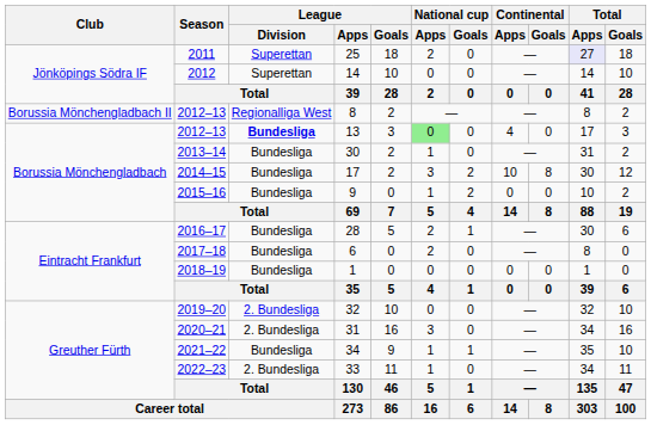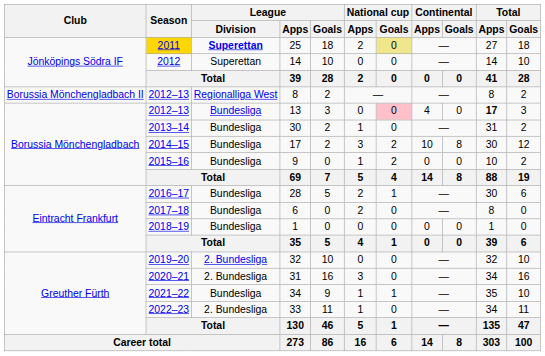 <table class="wikitable" style="text-align: center">
 <tr>
 <th rowspan="2">Club</th>
 <th rowspan="2">Season</th>
 <th colspan="3">League</th>
 <th colspan="2">National cup</th>
 <th colspan="2">Continental</th>
 <th colspan="2">Total</th>
 </tr>
 <tr>
 <th>Division</th>
 <th>Apps</th>
 <th>Goals</th>
 <th>Apps</th>
 <th>Goals</th>
 <th>Apps</th>
 <th>Goals</th>
 <th>Apps</th>
 <th>Goals</th>
 </tr>
 <tr>
 <td rowspan="3"><a href='#'>Jönköpings Södra IF</a></td>
-<td><a href='#'>2011</a></td>
-<td><a href='#'>Superettan</a></td>
+<td style="background: gold;"><a href='#'>2011</a></td>
+<td><strong><a href='#'>Superettan</a></strong></td>
 <td>25</td>
 <td>18</td>
 <td>2</td>
-<td>0</td>
+<td style="background: khaki;">0</td>
 <td colspan="2">—</td>
-<td style="background: lavender;">27</td>
+<td>27</td>
 <td>18</td>
 </tr>
 <tr>
 <td><a href='#'>2012</a></td>
 <td>Superettan</td>
 <td>14</td>
 <td>10</td>
 <td>0</td>
 <td>0</td>
 <td colspan="2">—</td>
 <td>14</td>
 <td>10</td>
 </tr>
 <tr>
 <th colspan="2">Total</th>
 <th>39</th>
 <th>28</th>
 <th>2</th>
 <th>0</th>
 <th>0</th>
 <th>0</th>
 <th>41</th>
 <th>28</th>
 </tr>
 <tr>
 <td><a href='#'>Borussia Mönchengladbach II</a></td>
 <td><a href='#'>2012–13</a></td>
 <td><a href='#'>Regionalliga West</a></td>
 <td>8</td>
 <td>2</td>
 <td colspan="2">—</td>
 <td colspan="2">—</td>
 <td>8</td>
 <td>2</td>
 </tr>
 <tr>
 <td rowspan="5"><a href='#'>Borussia Mönchengladbach</a></td>
 <td><a href='#'>2012–13</a></td>
-<td><strong><a href='#'>Bundesliga</a></strong></td>
+<td><a href='#'>Bundesliga</a></td>
 <td>13</td>
 <td>3</td>
-<td style="background: lightgreen;">0</td>
 <td>0</td>
+<td style="background: pink;">0</td>
 <td>4</td>
 <td>0</td>
-<td>17</td>
+<td><strong>17</strong></td>
 <td>3</td>
 </tr>
 <tr>
 <td><a href='#'>2013–14</a></td>
 <td>Bundesliga</td>
 <td>30</td>
 <td>2</td>
 <td>1</td>
 <td>0</td>
 <td colspan="2">—</td>
 <td>31</td>
 <td>2</td>
 </tr>
 <tr>
 <td><a href='#'>2014–15</a></td>
 <td>Bundesliga</td>
 <td>17</td>
 <td>2</td>
 <td>3</td>
 <td>2</td>
 <td>10</td>
 <td>8</td>
 <td>30</td>
 <td>12</td>
 </tr>
 <tr>
 <td><a href='#'>2015–16</a></td>
 <td>Bundesliga</td>
 <td>9</td>
 <td>0</td>
 <td>1</td>
 <td>2</td>
 <td>0</td>
 <td>0</td>
 <td>10</td>
 <td>2</td>
 </tr>
 <tr>
 <th colspan="2">Total</th>
 <th>69</th>
 <th>7</th>
 <th>5</th>
 <th>4</th>
 <th>14</th>
 <th>8</th>
 <th>88</th>
 <th>19</th>
 </tr>
 <tr>
 <td rowspan="4"><a href='#'>Eintracht Frankfurt</a></td>
 <td><a href='#'>2016–17</a></td>
 <td>Bundesliga</td>
 <td>28</td>
 <td>5</td>
 <td>2</td>
 <td>1</td>
 <td colspan="2">—</td>
 <td>30</td>
 <td>6</td>
 </tr>
 <tr>
 <td><a href='#'>2017–18</a></td>
 <td>Bundesliga</td>
 <td>6</td>
 <td>0</td>
 <td>2</td>
 <td>0</td>
 <td colspan="2">—</td>
 <td>8</td>
 <td>0</td>
 </tr>
 <tr>
 <td><a href='#'>2018–19</a></td>
 <td>Bundesliga</td>
 <td>1</td>
 <td>0</td>
 <td>0</td>
 <td>0</td>
 <td>0</td>
 <td>0</td>
 <td>1</td>
 <td>0</td>
 </tr>
 <tr>
 <th colspan="2">Total</th>
 <th>35</th>
 <th>5</th>
 <th>4</th>
 <th>1</th>
 <th>0</th>
 <th>0</th>
 <th>39</th>
 <th>6</th>
 </tr>
 <tr>
 <td rowspan="5"><a href='#'>Greuther Fürth</a></td>
 <td><a href='#'>2019–20</a></td>
 <td><a href='#'>2. Bundesliga</a></td>
 <td>32</td>
 <td>10</td>
 <td>0</td>
 <td>0</td>
 <td colspan="2">—</td>
 <td>32</td>
 <td>10</td>
 </tr>
 <tr>
 <td><a href='#'>2020–21</a></td>
 <td>2. Bundesliga</td>
 <td>31</td>
 <td>16</td>
 <td>3</td>
 <td>0</td>
 <td colspan="2">—</td>
 <td>34</td>
 <td>16</td>
 </tr>
 <tr>
 <td><a href='#'>2021–22</a></td>
 <td>Bundesliga</td>
 <td>34</td>
 <td>9</td>
 <td>1</td>
 <td>1</td>
 <td colspan="2">—</td>
 <td>35</td>
 <td>10</td>
 </tr>
 <tr>
 <td><a href='#'>2022–23</a></td>
 <td>2. Bundesliga</td>
 <td>33</td>
 <td>11</td>
 <td>1</td>
 <td>0</td>
 <td colspan="2">—</td>
 <td>34</td>
 <td>11</td>
 </tr>
 <tr>
 <th colspan="2">Total</th>
 <th>130</th>
 <th>46</th>
 <th>5</th>
 <th>1</th>
 <th colspan="2">—</th>
 <th>135</th>
 <th>47</th>
 </tr>
 <tr>
 <th colspan="3">Career total</th>
 <th>273</th>
 <th>86</th>
 <th>16</th>
 <th>6</th>
 <th>14</th>
 <th>8</th>
 <th>303</th>
 <th>100</th>
 </tr>
 </table>
